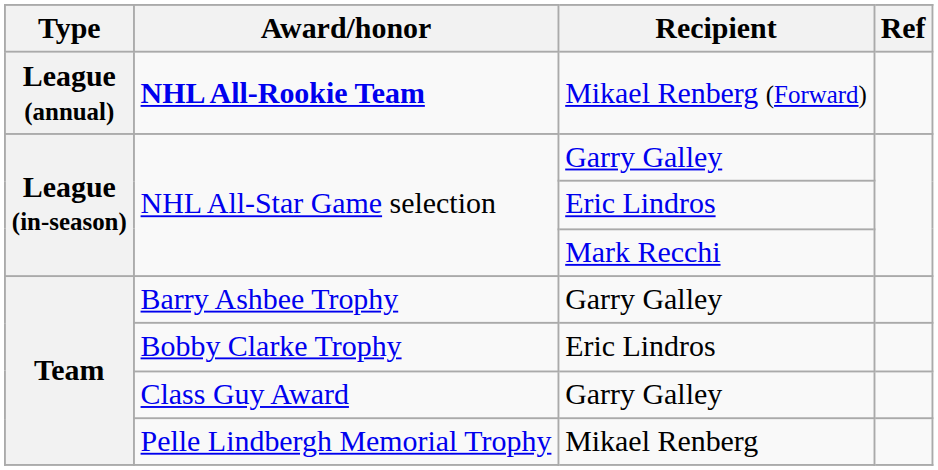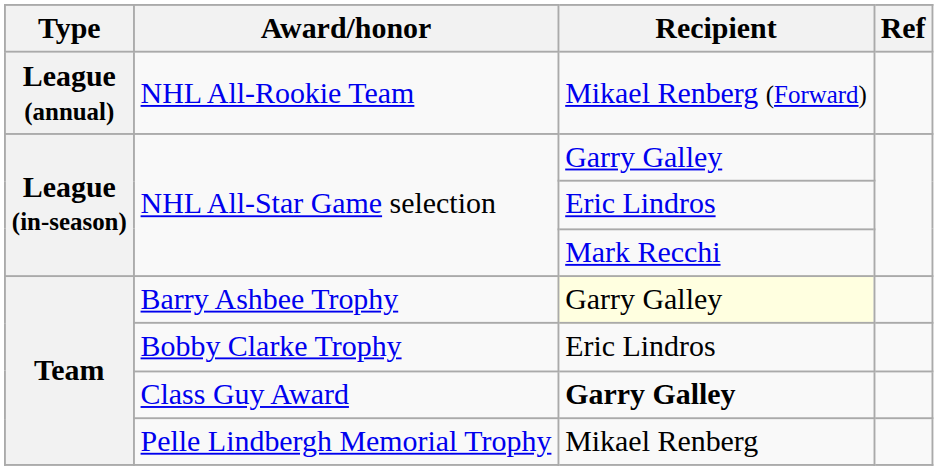 <table class="wikitable">
 <tr>
 <th scope="col">Type</th>
 <th scope="col">Award/honor</th>
 <th scope="col">Recipient</th>
 <th scope="col">Ref</th>
 </tr>
 <tr>
 <th scope="row">League<br><small>(annual)</small></th>
-<td><strong><a href='#'>NHL All-Rookie Team</a></strong></td>
+<td><a href='#'>NHL All-Rookie Team</a></td>
 <td><a href='#'>Mikael Renberg</a> <small>(<a href='#'>Forward</a>)</small></td>
 <td></td>
 </tr>
 <tr>
 <th scope="row" rowspan="3">League<br><small>(in-season)</small></th>
 <td rowspan="3"><a href='#'>NHL All-Star Game</a> selection</td>
 <td><a href='#'>Garry Galley</a></td>
 <td rowspan="3"></td>
 </tr>
 <tr>
 <td><a href='#'>Eric Lindros</a></td>
 </tr>
 <tr>
 <td><a href='#'>Mark Recchi</a></td>
 </tr>
 <tr>
 <th scope="row" rowspan="4">Team</th>
 <td><a href='#'>Barry Ashbee Trophy</a></td>
-<td>Garry Galley</td>
+<td style="background: lightyellow;">Garry Galley</td>
 <td></td>
 </tr>
 <tr>
 <td><a href='#'>Bobby Clarke Trophy</a></td>
 <td>Eric Lindros</td>
 <td></td>
 </tr>
 <tr>
 <td><a href='#'>Class Guy Award</a></td>
-<td>Garry Galley</td>
+<td><strong>Garry Galley</strong></td>
 <td></td>
 </tr>
 <tr>
 <td><a href='#'>Pelle Lindbergh Memorial Trophy</a></td>
 <td>Mikael Renberg</td>
 <td></td>
 </tr>
 </table>
